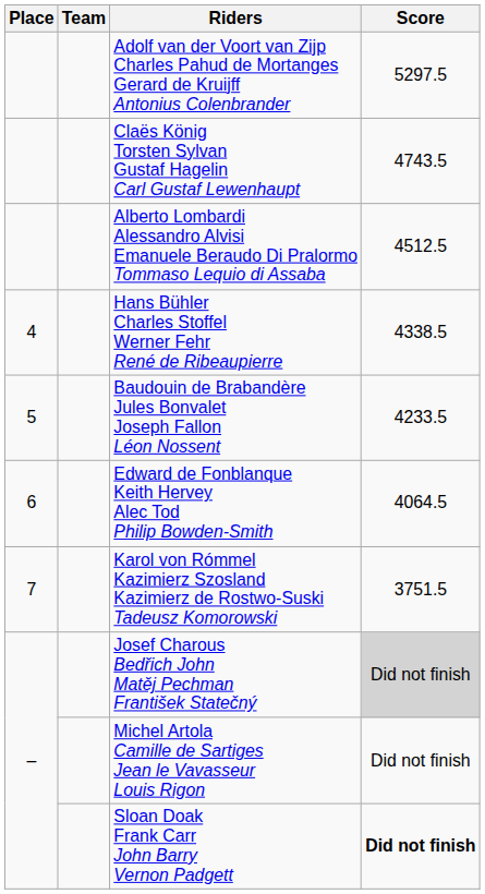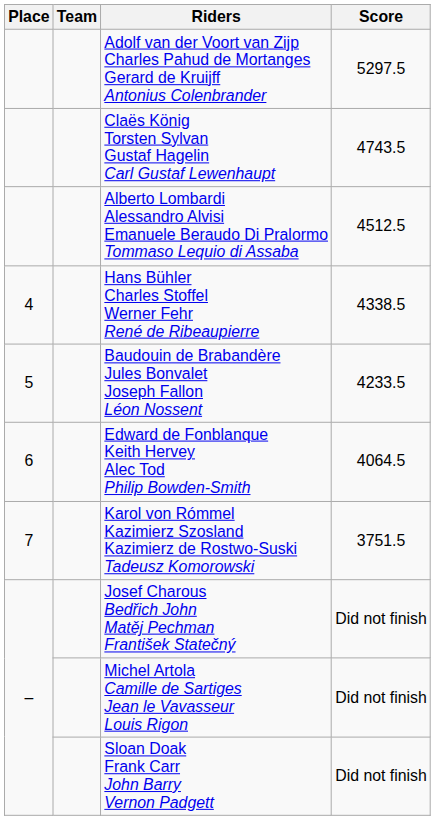 <table class=wikitable style="text-align:center">
 <tr>
 <th>Place</th>
 <th>Team</th>
 <th>Riders</th>
 <th>Score</th>
 </tr>
 <tr>
 <td></td>
 <td align=left></td>
 <td align=left><a href='#'>Adolf van der Voort van Zijp</a> <br> <a href='#'>Charles Pahud de Mortanges</a> <br> <a href='#'>Gerard de Kruijff</a> <br> <em><a href='#'>Antonius Colenbrander</a></em></td>
 <td>5297.5</td>
 </tr>
 <tr>
 <td></td>
 <td align=left></td>
 <td align=left><a href='#'>Claës König</a> <br> <a href='#'>Torsten Sylvan</a> <br> <a href='#'>Gustaf Hagelin</a> <br> <em><a href='#'>Carl Gustaf Lewenhaupt</a></em></td>
 <td>4743.5</td>
 </tr>
 <tr>
 <td></td>
 <td align=left></td>
 <td align=left><a href='#'>Alberto Lombardi</a> <br> <a href='#'>Alessandro Alvisi</a> <br> <a href='#'>Emanuele Beraudo Di Pralormo</a> <br> <em><a href='#'>Tommaso Lequio di Assaba</a></em></td>
 <td>4512.5</td>
 </tr>
 <tr>
 <td>4</td>
 <td align=left></td>
 <td align=left><a href='#'>Hans Bühler</a> <br> <a href='#'>Charles Stoffel</a> <br> <a href='#'>Werner Fehr</a> <br> <em><a href='#'>René de Ribeaupierre</a></em></td>
 <td>4338.5</td>
 </tr>
 <tr>
 <td>5</td>
 <td align=left></td>
 <td align=left><a href='#'>Baudouin de Brabandère</a> <br> <a href='#'>Jules Bonvalet</a> <br> <a href='#'>Joseph Fallon</a> <br> <em><a href='#'>Léon Nossent</a></em></td>
 <td>4233.5</td>
 </tr>
 <tr>
 <td>6</td>
 <td align=left></td>
 <td align=left><a href='#'>Edward de Fonblanque</a> <br> <a href='#'>Keith Hervey</a> <br> <a href='#'>Alec Tod</a> <br> <em><a href='#'>Philip Bowden-Smith</a></em></td>
 <td>4064.5</td>
 </tr>
 <tr>
 <td>7</td>
 <td align=left></td>
 <td align=left><a href='#'>Karol von Rómmel</a> <br> <a href='#'>Kazimierz Szosland</a> <br> <a href='#'>Kazimierz de Rostwo-Suski</a> <br> <em><a href='#'>Tadeusz Komorowski</a></em></td>
 <td>3751.5</td>
 </tr>
 <tr>
 <td rowspan=3>–</td>
 <td align=left></td>
 <td align=left><a href='#'>Josef Charous</a> <br> <em><a href='#'>Bedřich John</a></em> <br> <em><a href='#'>Matěj Pechman</a></em> <br> <em><a href='#'>František Statečný</a></em></td>
-<td style="background: lightgrey;">Did not finish</td>
+<td>Did not finish</td>
 </tr>
 <tr>
 <td align=left></td>
 <td align=left><a href='#'>Michel Artola</a> <br> <em><a href='#'>Camille de Sartiges</a></em> <br> <em><a href='#'>Jean le Vavasseur</a></em> <br> <em><a href='#'>Louis Rigon</a></em></td>
 <td>Did not finish</td>
 </tr>
 <tr>
 <td align=left></td>
 <td align=left><a href='#'>Sloan Doak</a> <br> <a href='#'>Frank Carr</a> <br> <em><a href='#'>John Barry</a></em> <br> <em><a href='#'>Vernon Padgett</a></em></td>
-<td><strong>Did not finish</strong></td>
+<td>Did not finish</td>
 </tr>
 </table>
